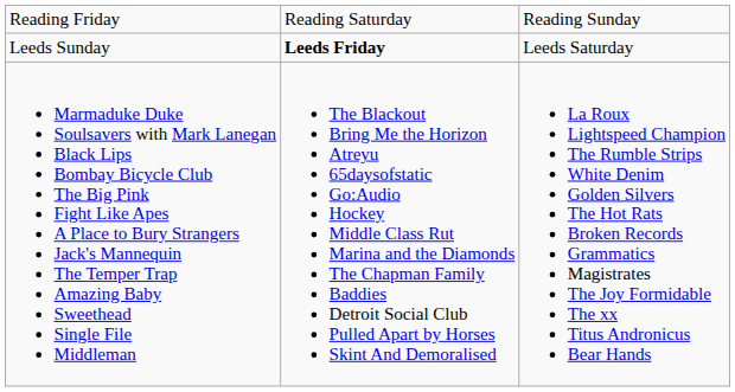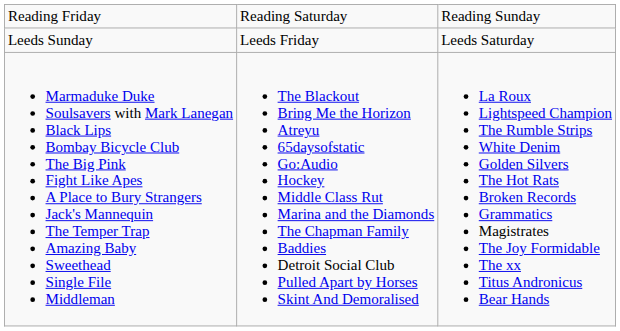 <table class="wikitable">
 <tr>
 <td>Reading Friday</td>
 <td>Reading Saturday</td>
 <td>Reading Sunday</td>
 </tr>
 <tr>
 <td>Leeds Sunday</td>
-<td><strong>Leeds Friday</strong></td>
+<td>Leeds Friday</td>
 <td>Leeds Saturday</td>
 </tr>
 <tr>
 <td><br><ul><li><a href='#'>Marmaduke Duke</a></li><li><a href='#'>Soulsavers</a> with <a href='#'>Mark Lanegan</a></li><li><a href='#'>Black Lips</a></li><li><a href='#'>Bombay Bicycle Club</a></li><li><a href='#'>The Big Pink</a></li><li><a href='#'>Fight Like Apes</a></li><li><a href='#'>A Place to Bury Strangers</a></li><li><a href='#'>Jack's Mannequin</a></li><li><a href='#'>The Temper Trap</a></li><li><a href='#'>Amazing Baby</a></li><li><a href='#'>Sweethead</a></li><li><a href='#'>Single File</a></li><li><a href='#'>Middleman</a></li></ul></td>
 <td><br><ul><li><a href='#'>The Blackout</a></li><li><a href='#'>Bring Me the Horizon</a></li><li><a href='#'>Atreyu</a></li><li><a href='#'>65daysofstatic</a></li><li><a href='#'>Go:Audio</a></li><li><a href='#'>Hockey</a></li><li><a href='#'>Middle Class Rut</a></li><li><a href='#'>Marina and the Diamonds</a></li><li><a href='#'>The Chapman Family</a></li><li><a href='#'>Baddies</a></li><li>Detroit Social Club</li><li><a href='#'>Pulled Apart by Horses</a></li><li><a href='#'>Skint And Demoralised</a></li></ul></td>
 <td><br><ul><li><a href='#'>La Roux</a></li><li><a href='#'>Lightspeed Champion</a></li><li><a href='#'>The Rumble Strips</a></li><li><a href='#'>White Denim</a></li><li><a href='#'>Golden Silvers</a></li><li><a href='#'>The Hot Rats</a></li><li><a href='#'>Broken Records</a></li><li><a href='#'>Grammatics</a></li><li>Magistrates</li><li><a href='#'>The Joy Formidable</a></li><li><a href='#'>The xx</a></li><li><a href='#'>Titus Andronicus</a></li><li><a href='#'>Bear Hands</a></li></ul></td>
 </tr>
 </table>
